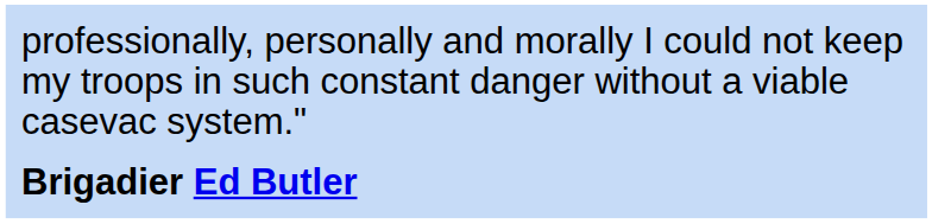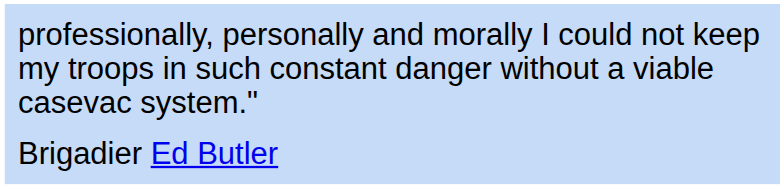 <table class="toccolours" style="float: right; margin-left: 1em; margin-right: 2em; font-size: 85%; background:#c6dbf7; width:25em; max-width: 40%;" cellspacing="5">
 <tr>
 <td style="text-align: left;">professionally, personally and morally I could not keep my troops in such constant danger without a viable casevac system."</td>
 </tr>
 <tr>
-<td style="text-align: left;"><strong>Brigadier <a href='#'>Ed Butler</a></strong></td>
+<td style="text-align: left;">Brigadier <a href='#'>Ed Butler</a></td>
 </tr>
 </table>
